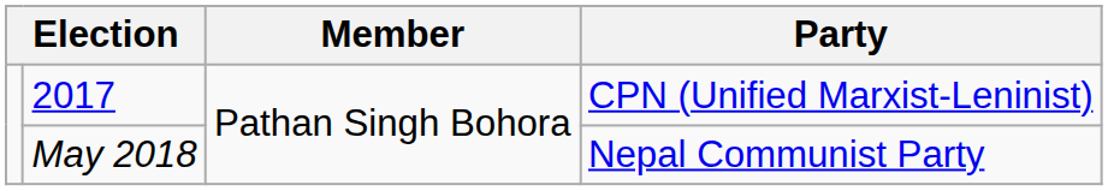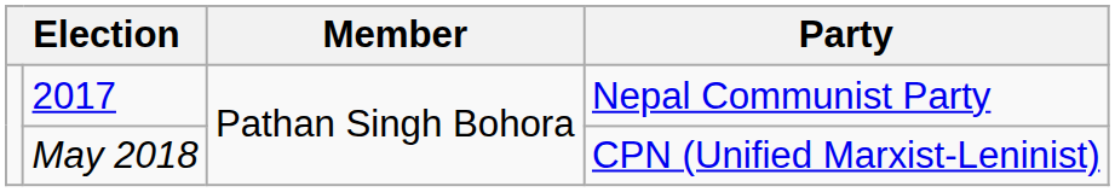 <table class="wikitable">
 <tr>
 <th colspan="2">Election</th>
 <th>Member</th>
 <th>Party</th>
 </tr>
 <tr>
 <td rowspan="2" style="background-color:"></td>
 <td><a href='#'>2017</a></td>
 <td rowspan="2">Pathan Singh Bohora</td>
-<td><a href='#'>CPN (Unified Marxist-Leninist)</a></td>
+<td><a href='#'>Nepal Communist Party</a></td>
 </tr>
 <tr>
 <td><em>May 2018</em></td>
-<td><a href='#'>Nepal Communist Party</a></td>
+<td><a href='#'>CPN (Unified Marxist-Leninist)</a></td>
 </tr>
 </table>
